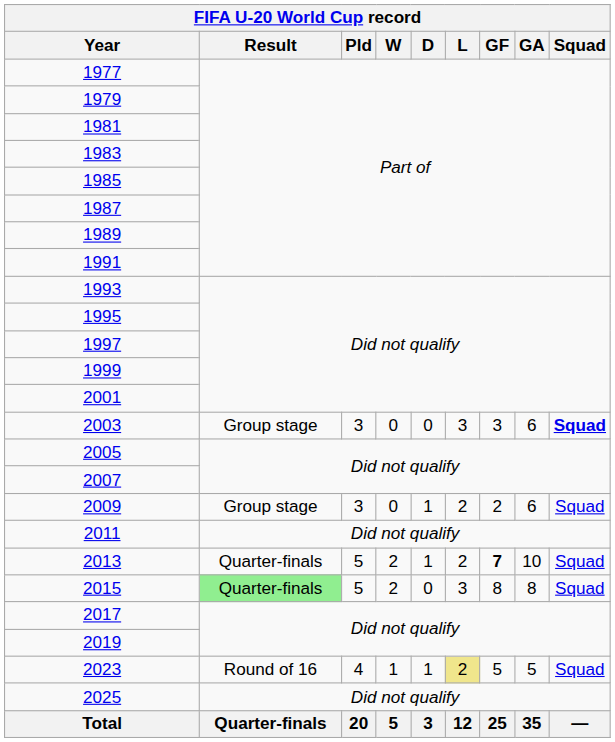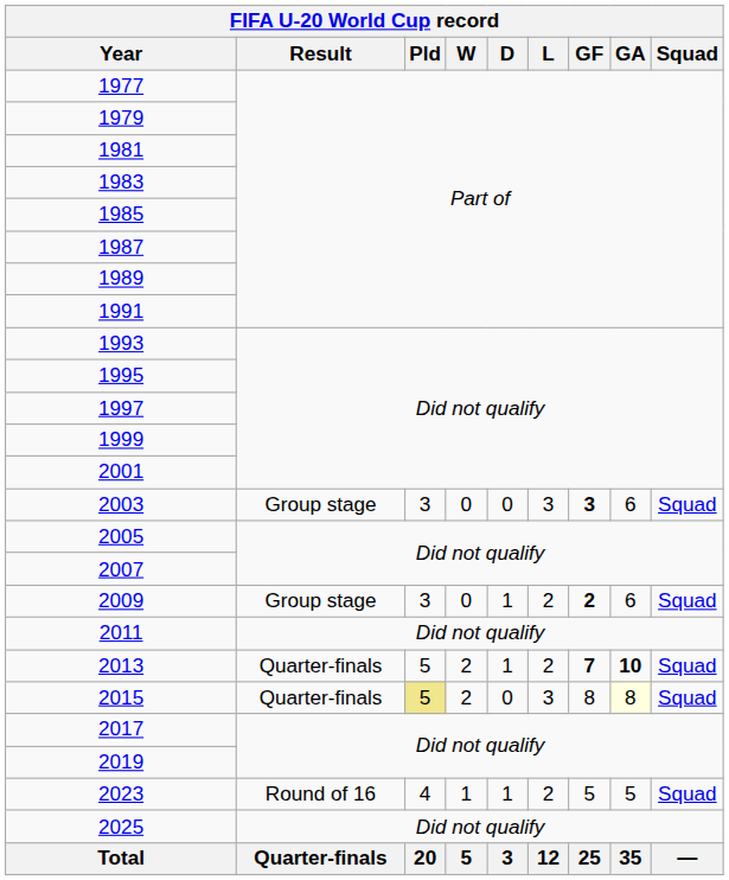 <table class="wikitable" style="text-align: center">
 <tr>
 <th colspan="9"><a href='#'>FIFA U-20 World Cup</a> record</th>
 </tr>
 <tr>
 <th width="175">Year</th>
 <th width="125">Result</th>
 <th width="25">Pld</th>
 <th width="25">W</th>
 <th width="25">D</th>
 <th width="25">L</th>
 <th width="25">GF</th>
 <th width="25">GA</th>
 <th width="50">Squad</th>
 </tr>
 <tr>
 <td> <a href='#'>1977</a></td>
 <td colspan="8" rowspan="8"><em>Part of </em></td>
 </tr>
 <tr>
 <td> <a href='#'>1979</a></td>
 </tr>
 <tr>
 <td> <a href='#'>1981</a></td>
 </tr>
 <tr>
 <td> <a href='#'>1983</a></td>
 </tr>
 <tr>
 <td> <a href='#'>1985</a></td>
 </tr>
 <tr>
 <td> <a href='#'>1987</a></td>
 </tr>
 <tr>
 <td> <a href='#'>1989</a></td>
 </tr>
 <tr>
 <td> <a href='#'>1991</a></td>
 </tr>
 <tr>
 <td> <a href='#'>1993</a></td>
 <td colspan="8" rowspan="5"><em>Did not qualify</em></td>
 </tr>
 <tr>
 <td> <a href='#'>1995</a></td>
 </tr>
 <tr>
 <td> <a href='#'>1997</a></td>
 </tr>
 <tr>
 <td> <a href='#'>1999</a></td>
 </tr>
 <tr>
 <td> <a href='#'>2001</a></td>
 </tr>
 <tr>
 <td> <a href='#'>2003</a></td>
 <td>Group stage</td>
 <td>3</td>
 <td>0</td>
 <td>0</td>
 <td>3</td>
-<td>3</td>
+<td><strong>3</strong></td>
 <td>6</td>
-<td><strong><a href='#'>Squad</a></strong></td>
+<td><a href='#'>Squad</a></td>
 </tr>
 <tr>
 <td> <a href='#'>2005</a></td>
 <td colspan="8" rowspan="2"><em>Did not qualify</em></td>
 </tr>
 <tr>
 <td> <a href='#'>2007</a></td>
 </tr>
 <tr>
 <td> <a href='#'>2009</a></td>
 <td>Group stage</td>
 <td>3</td>
 <td>0</td>
 <td>1</td>
 <td>2</td>
-<td>2</td>
+<td><strong>2</strong></td>
 <td>6</td>
 <td><a href='#'>Squad</a></td>
 </tr>
 <tr>
 <td> <a href='#'>2011</a></td>
 <td colspan="8"><em>Did not qualify</em></td>
 </tr>
 <tr>
 <td> <a href='#'>2013</a></td>
 <td>Quarter-finals</td>
 <td>5</td>
 <td>2</td>
 <td>1</td>
 <td>2</td>
 <td><strong>7</strong></td>
-<td>10</td>
+<td><strong>10</strong></td>
 <td><a href='#'>Squad</a></td>
 </tr>
 <tr>
 <td> <a href='#'>2015</a></td>
-<td style="background: lightgreen;">Quarter-finals</td>
-<td>5</td>
+<td>Quarter-finals</td>
+<td style="background: khaki;">5</td>
 <td>2</td>
 <td>0</td>
 <td>3</td>
 <td>8</td>
-<td>8</td>
+<td style="background: lightyellow;">8</td>
 <td><a href='#'>Squad</a></td>
 </tr>
 <tr>
 <td> <a href='#'>2017</a></td>
 <td colspan="8" rowspan="2"><em>Did not qualify</em></td>
 </tr>
 <tr>
 <td> <a href='#'>2019</a></td>
 </tr>
 <tr>
 <td> <a href='#'>2023</a></td>
 <td>Round of 16</td>
 <td>4</td>
 <td>1</td>
 <td>1</td>
-<td style="background: khaki;">2</td>
+<td>2</td>
 <td>5</td>
 <td>5</td>
 <td><a href='#'>Squad</a></td>
 </tr>
 <tr>
 <td> <a href='#'>2025</a></td>
 <td colspan="8"><em>Did not qualify</em></td>
 </tr>
 <tr>
 <th>Total</th>
 <th>Quarter-finals</th>
 <th>20</th>
 <th>5</th>
 <th>3</th>
 <th>12</th>
 <th>25</th>
 <th>35</th>
 <th>—</th>
 </tr>
 </table>
